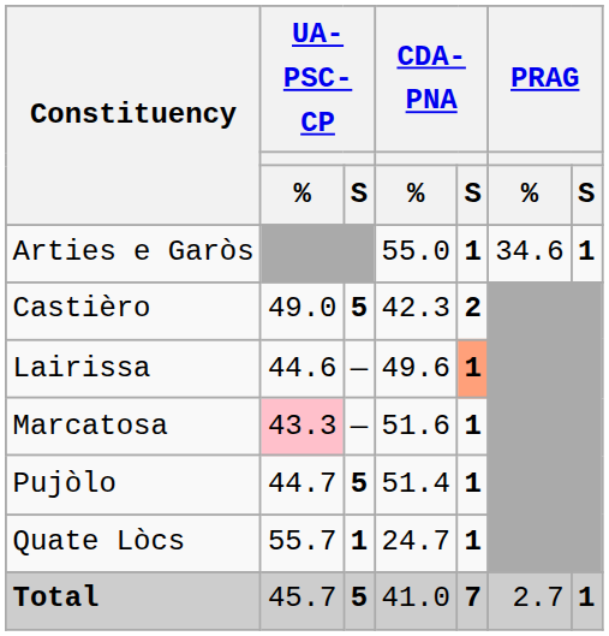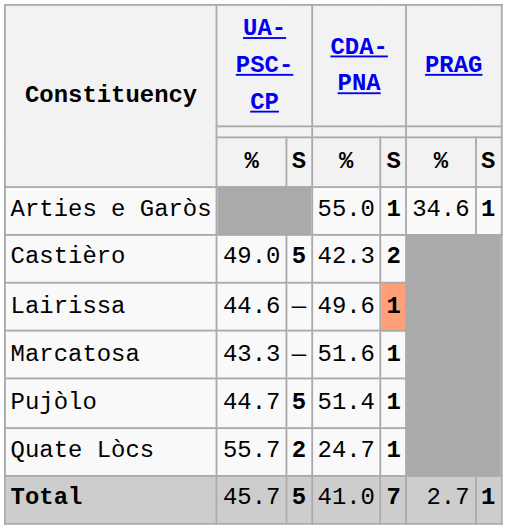 <table class="wikitable sortable" style="text-align:right; line-height:20px;">
 <tr>
 <th rowspan="3">Constituency</th>
 <th colspan="2" width="30px" class="unsortable"><a href='#'>UA-PSC-CP</a></th>
 <th colspan="2" width="30px" class="unsortable"><a href='#'>CDA-PNA</a></th>
 <th colspan="2" width="30px" class="unsortable"><a href='#'>PRAG</a></th>
 </tr>
 <tr>
 <th colspan="2" style="background:"></th>
 <th colspan="2" style="background:"></th>
 <th colspan="2" style="background:"></th>
 </tr>
 <tr>
 <th data-sort-type="number">%</th>
 <th data-sort-type="number">S</th>
 <th data-sort-type="number">%</th>
 <th data-sort-type="number">S</th>
 <th data-sort-type="number">%</th>
 <th data-sort-type="number">S</th>
 </tr>
 <tr>
 <td align="left">Arties e Garòs</td>
 <td colspan="2" bgcolor="#AAAAAA"></td>
 <td style="background:">55.0</td>
 <td><strong>1</strong></td>
 <td>34.6</td>
 <td><strong>1</strong></td>
 </tr>
 <tr>
 <td align="left">Castièro</td>
 <td style="background:">49.0</td>
 <td><strong>5</strong></td>
 <td>42.3</td>
 <td><strong>2</strong></td>
 <td colspan="2" rowspan="5" bgcolor="#AAAAAA"></td>
 </tr>
 <tr>
 <td align="left">Lairissa</td>
 <td>44.6</td>
 <td>—</td>
 <td style="background:">49.6</td>
 <td style="background: lightsalmon;"><strong>1</strong></td>
 </tr>
 <tr>
 <td align="left">Marcatosa</td>
-<td style="background: pink;">43.3</td>
+<td>43.3</td>
 <td>—</td>
 <td style="background:">51.6</td>
 <td><strong>1</strong></td>
 </tr>
 <tr>
 <td align="left">Pujòlo</td>
 <td>44.7</td>
 <td><strong>5</strong></td>
 <td style="background:">51.4</td>
 <td><strong>1</strong></td>
 </tr>
 <tr>
 <td align="left">Quate Lòcs</td>
 <td style="background:">55.7</td>
-<td><strong>1</strong></td>
+<td><strong>2</strong></td>
 <td>24.7</td>
 <td><strong>1</strong></td>
 </tr>
 <tr style="background:#CDCDCD;">
 <td align="left"><strong>Total</strong></td>
 <td style="background:">45.7</td>
 <td><strong>5</strong></td>
 <td>41.0</td>
 <td><strong>7</strong></td>
 <td>2.7</td>
 <td><strong>1</strong></td>
 </tr>
 </table>
